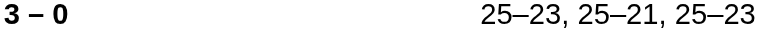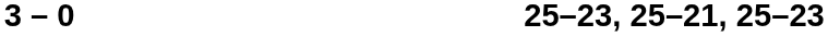 <table width=100% cellspacing=1>
 <tr>
 <th width=20%></th>
 <th width=12%></th>
 <th width=20%></th>
 <th width=33%></th>
 <td></td>
 </tr>
 <tr style=font-size:95%>
 <td align=right><strong></strong></td>
 <td align=center><strong>3 – 0</strong></td>
 <td></td>
-<td>25–23, 25–21, 25–23</td>
+<td><strong>25–23, 25–21, 25–23</strong></td>
 </tr>
 </table>
